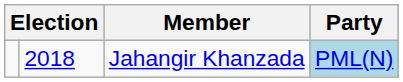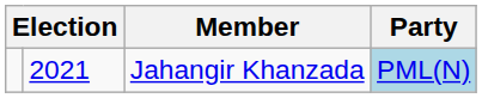 <table class="wikitable">
 <tr>
 <th colspan="2">Election</th>
 <th>Member</th>
 <th>Party</th>
 </tr>
 <tr>
 <td style="background-color: "></td>
-<td><a href='#'>2018</a></td>
+<td><a href='#'>2021</a></td>
 <td><a href='#'>Jahangir Khanzada</a></td>
 <td style="background: lightblue;"><a href='#'>PML(N)</a></td>
 </tr>
 </table>
